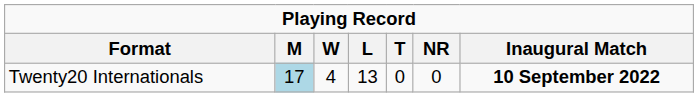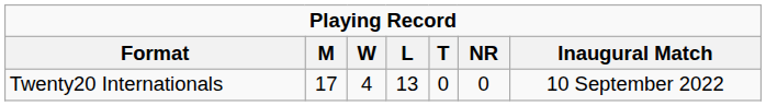 <table class="wikitable" style="text-align: center; width: 600px;">
 <tr>
 <td colspan=7 align="center"><strong>Playing Record</strong></td>
 </tr>
 <tr>
 <th>Format</th>
 <th>M</th>
 <th>W</th>
 <th>L</th>
 <th>T</th>
 <th>NR</th>
 <th>Inaugural Match</th>
 </tr>
 <tr>
 <td align="left">Twenty20 Internationals</td>
-<td style="background: lightblue;">17</td>
+<td>17</td>
 <td>4</td>
 <td>13</td>
 <td>0</td>
 <td>0</td>
-<td><strong>10 September 2022</strong></td>
+<td>10 September 2022</td>
 </tr>
 </table>
